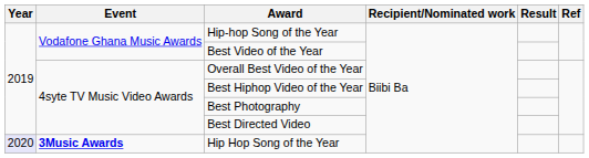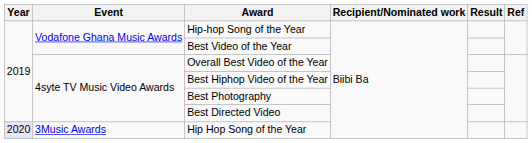 <table class="wikitable">
 <tr>
 <th>Year</th>
 <th>Event</th>
 <th>Award</th>
 <th>Recipient/Nominated work</th>
 <th>Result</th>
 <th>Ref</th>
 </tr>
 <tr>
 <td rowspan="6">2019</td>
 <td rowspan="2"><a href='#'>Vodafone Ghana Music Awards</a></td>
 <td>Hip-hop Song of the Year</td>
 <td rowspan="7">Biibi Ba</td>
 <td></td>
 <td rowspan="2"></td>
 </tr>
 <tr>
 <td>Best Video of the Year</td>
 <td></td>
 </tr>
 <tr>
 <td rowspan="4">4syte TV Music Video Awards</td>
 <td>Overall Best Video of the Year</td>
 <td></td>
 <td rowspan="4"></td>
 </tr>
 <tr>
 <td>Best Hiphop Video of the Year</td>
 <td></td>
 </tr>
 <tr>
 <td>Best Photography</td>
 <td></td>
 </tr>
 <tr>
 <td>Best Directed Video</td>
 <td></td>
 </tr>
 <tr>
 <td style="background: lavender;">2020</td>
-<td><strong><a href='#'>3Music Awards</a></strong></td>
+<td><a href='#'>3Music Awards</a></td>
 <td>Hip Hop Song of the Year</td>
 <td></td>
 <td></td>
 </tr>
 </table>
